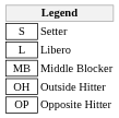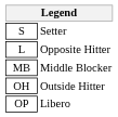 <table class="toccolours" style="margin-left: 50px; font-size: 90%; white-space: nowrap; valign: middle;">
 <tr>
 <th colspan="6" style="background-color: #F2F2F2; border: 1px solid #AAAAAA;">Legend</th>
 </tr>
 <tr>
 <td style="border: 1px solid black;" align=center>  S  </td>
 <td>Setter</td>
 </tr>
 <tr>
 <td style="border: 1px solid black;" align=center>  L  </td>
-<td>Libero</td>
+<td>Opposite Hitter</td>
 </tr>
 <tr>
 <td style="border: 1px solid black;" align=center>  MB  </td>
 <td>Middle Blocker</td>
 </tr>
 <tr>
 <td style="border: 1px solid black;" align=center>  OH  </td>
 <td>Outside Hitter</td>
 </tr>
 <tr>
 <td style="border: 1px solid black;" align=center>  OP  </td>
-<td>Opposite Hitter</td>
+<td>Libero</td>
 </tr>
 <tr>
 </tr>
 </table>
